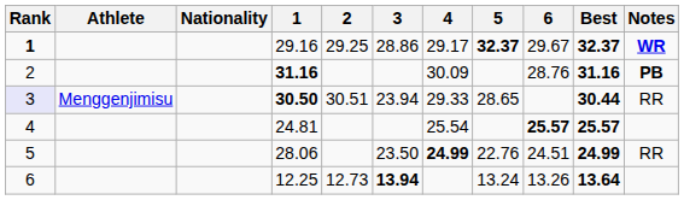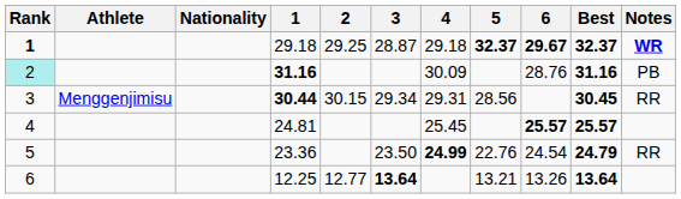 <table class="wikitable sortable" style="text-align:center">
 <tr>
 <th>Rank</th>
 <th>Athlete</th>
 <th>Nationality</th>
 <th>1</th>
 <th>2</th>
 <th>3</th>
 <th>4</th>
 <th>5</th>
 <th>6</th>
 <th>Best</th>
 <th>Notes</th>
 </tr>
 <tr>
 <td><strong>1</strong></td>
 <td align=left></td>
 <td align="left"></td>
-<td>29.16</td>
+<td>29.18</td>
 <td>29.25</td>
-<td>28.86</td>
-<td>29.17</td>
+<td>28.87</td>
+<td>29.18</td>
 <td><strong>32.37</strong></td>
-<td>29.67</td>
+<td><strong>29.67</strong></td>
 <td><strong>32.37</strong></td>
 <td><strong><a href='#'>WR</a></strong></td>
 </tr>
 <tr>
-<td>2</td>
+<td style="background: paleturquoise;">2</td>
 <td align=left></td>
 <td align="left"></td>
 <td><strong>31.16</strong></td>
 <td></td>
 <td></td>
 <td>30.09</td>
 <td></td>
 <td>28.76</td>
 <td><strong>31.16</strong></td>
-<td><strong>PB</strong></td>
+<td>PB</td>
 </tr>
 <tr>
-<td style="background: lavender;">3</td>
+<td>3</td>
 <td align=left><a href='#'>Menggenjimisu</a></td>
 <td align="left"></td>
-<td><strong>30.50</strong></td>
-<td>30.51</td>
-<td>23.94</td>
-<td>29.33</td>
-<td>28.65</td>
+<td><strong>30.44</strong></td>
+<td>30.15</td>
+<td>29.34</td>
+<td>29.31</td>
+<td>28.56</td>
 <td></td>
-<td><strong>30.44</strong></td>
+<td><strong>30.45</strong></td>
 <td>RR</td>
 </tr>
 <tr>
 <td>4</td>
 <td align=left></td>
 <td align="left"></td>
 <td>24.81</td>
 <td></td>
 <td></td>
-<td>25.54</td>
+<td>25.45</td>
 <td></td>
 <td><strong>25.57</strong></td>
 <td><strong>25.57</strong></td>
 <td></td>
 </tr>
 <tr>
 <td>5</td>
 <td align=left></td>
 <td align="left"></td>
-<td>28.06</td>
+<td>23.36</td>
 <td></td>
 <td>23.50</td>
 <td><strong>24.99</strong></td>
 <td>22.76</td>
-<td>24.51</td>
-<td><strong>24.99</strong></td>
+<td>24.54</td>
+<td><strong>24.79</strong></td>
 <td>RR</td>
 </tr>
 <tr>
 <td>6</td>
 <td align=left></td>
 <td align="left"></td>
 <td>12.25</td>
-<td>12.73</td>
-<td><strong>13.94</strong></td>
+<td>12.77</td>
+<td><strong>13.64</strong></td>
 <td></td>
-<td>13.24</td>
+<td>13.21</td>
 <td>13.26</td>
 <td><strong>13.64</strong></td>
 <td></td>
 </tr>
 </table>
